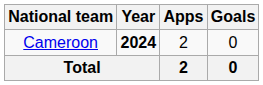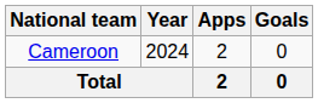 <table class="wikitable" style="text-align:center">
 <tr>
 <th>National team</th>
 <th>Year</th>
 <th>Apps</th>
 <th>Goals</th>
 </tr>
 <tr>
 <td rowspan="1"><a href='#'>Cameroon</a></td>
-<td><strong>2024</strong></td>
+<td>2024</td>
 <td>2</td>
 <td>0</td>
 </tr>
 <tr>
 <th colspan="2">Total</th>
 <th>2</th>
 <th>0</th>
 </tr>
 </table>
